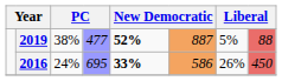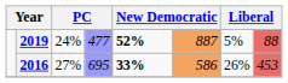 <table class="wikitable" style="float:right; width:400; font-size:90%; margin-left:1em;">
 <tr>
 <th colspan="2" scope="col">Year</th>
 <th colspan="2" scope="col"><a href='#'>PC</a></th>
 <th colspan="2" scope="col"><a href='#'>New Democratic</a></th>
 <th colspan="2" scope="col"><a href='#'>Liberal</a></th>
 </tr>
 <tr>
 <td rowspan="2" style="width: 0.25em; background-color: "></td>
 <th><a href='#'>2019</a></th>
-<td>38%</td>
+<td>24%</td>
 <td style="text-align:right; background:#9999FF;"><em>477</em></td>
 <td><strong>52%</strong></td>
 <td style="text-align:right; background:#F4A460;"><em>887</em></td>
 <td>5%</td>
 <td style="text-align:right; background:#EA6D6A;"><em>88</em></td>
 </tr>
 <tr>
 <th><a href='#'>2016</a></th>
-<td>24%</td>
+<td>27%</td>
 <td style="text-align:right; background:#9999FF;"><em>695</em></td>
 <td><strong>33%</strong></td>
 <td style="text-align:right; background:#F4A460;"><em>586</em></td>
 <td>26%</td>
-<td style="text-align:right; background:#EA6D6A;"><em>450</em></td>
+<td style="text-align:right; background:#EA6D6A;"><em>453</em></td>
 </tr>
 <tr>
 </tr>
 </table>
